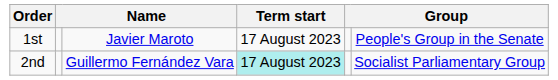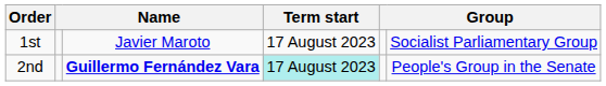 <table class="wikitable" style="font-size:97%; text-align:center; margin:1em auto;">
 <tr>
 <th>Order</th>
 <th colspan="2">Name</th>
 <th>Term start</th>
 <th colspan="2">Group</th>
 </tr>
 <tr>
 <td>1st</td>
 <td></td>
 <td><a href='#'>Javier Maroto</a></td>
 <td>17 August 2023</td>
 <td></td>
-<td><a href='#'>People's Group in the Senate</a></td>
+<td><a href='#'>Socialist Parliamentary Group</a></td>
 </tr>
 <tr>
 <td>2nd</td>
 <td></td>
-<td><a href='#'>Guillermo Fernández Vara</a></td>
+<td><strong><a href='#'>Guillermo Fernández Vara</a></strong></td>
 <td style="background: paleturquoise;">17 August 2023</td>
 <td></td>
-<td><a href='#'>Socialist Parliamentary Group</a></td>
+<td><a href='#'>People's Group in the Senate</a></td>
 </tr>
 </table>
